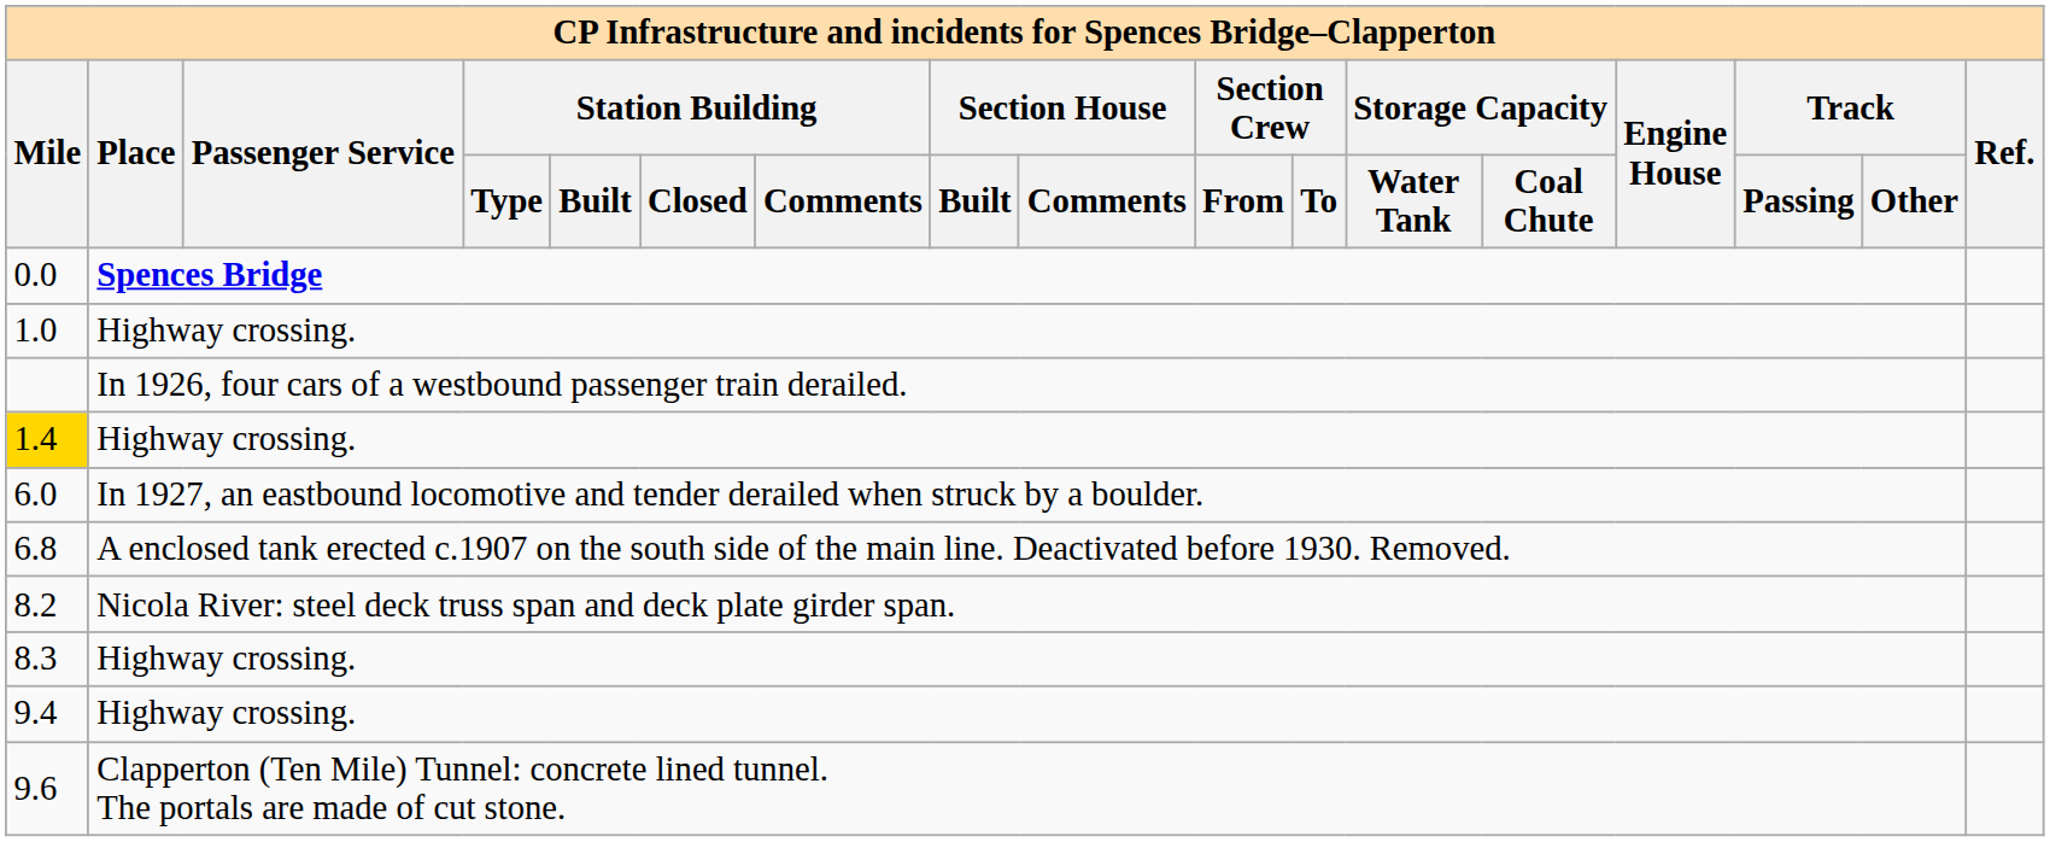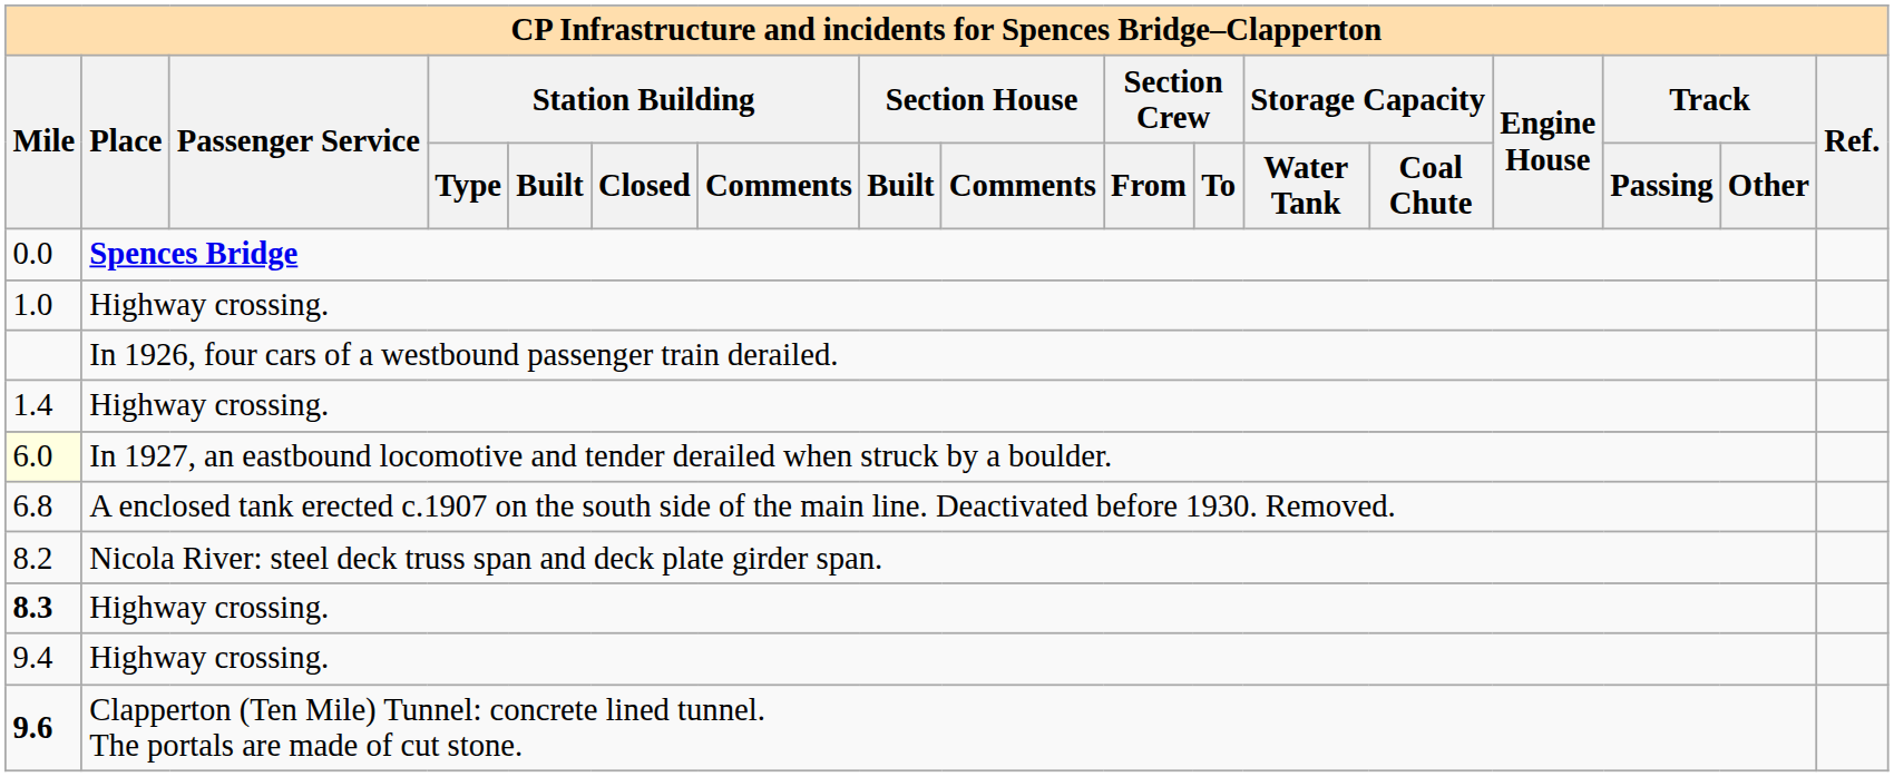 <table class="wikitable">
 <tr>
 <th colspan="17" style="background:#ffdead;">CP Infrastructure and incidents for Spences Bridge–Clapperton</th>
 </tr>
 <tr>
 <th rowspan=2>Mile<br></th>
 <th rowspan=2>Place</th>
 <th rowspan=2>Passenger Service</th>
 <th colspan=4>Station Building</th>
 <th colspan=2>Section House</th>
 <th colspan=2>Section<br>Crew</th>
 <th colspan=2>Storage Capacity</th>
 <th rowspan=2>Engine<br>House</th>
 <th colspan=2>Track</th>
 <th rowspan=2>Ref.</th>
 </tr>
 <tr>
 <th>Type</th>
 <th>Built</th>
 <th>Closed</th>
 <th>Comments</th>
 <th>Built</th>
 <th>Comments</th>
 <th>From</th>
 <th>To</th>
 <th>Water<br>Tank</th>
 <th>Coal<br>Chute</th>
 <th>Passing</th>
 <th>Other</th>
 </tr>
 <tr>
 <td>0.0</td>
 <td colspan=15><strong><a href='#'>Spences Bridge</a></strong></td>
 <td></td>
 </tr>
 <tr>
 <td>1.0</td>
 <td colspan=15>Highway crossing.</td>
 <td></td>
 </tr>
 <tr>
 <td></td>
 <td colspan=15>In 1926, four cars of a westbound passenger train derailed.</td>
 <td></td>
 </tr>
 <tr>
-<td style="background: gold;">1.4</td>
+<td>1.4</td>
 <td colspan=15>Highway crossing.</td>
 <td></td>
 </tr>
 <tr>
-<td>6.0</td>
+<td style="background: lightyellow;">6.0</td>
 <td colspan=15>In 1927, an eastbound locomotive and tender derailed when struck by a  boulder.</td>
 <td></td>
 </tr>
 <tr>
 <td>6.8</td>
 <td colspan=15>A  enclosed tank erected c.1907 on the south side of the main line. Deactivated before 1930. Removed.</td>
 <td></td>
 </tr>
 <tr>
 <td>8.2</td>
 <td colspan=15>Nicola River:  steel deck truss span and  deck plate girder span.</td>
 <td></td>
 </tr>
 <tr>
-<td>8.3</td>
+<td><strong>8.3</strong></td>
 <td colspan=15>Highway crossing.</td>
 <td></td>
 </tr>
 <tr>
 <td>9.4</td>
 <td colspan=15>Highway crossing.</td>
 <td></td>
 </tr>
 <tr>
-<td>9.6</td>
+<td><strong>9.6</strong></td>
 <td colspan=15>Clapperton (Ten Mile) Tunnel:  concrete lined tunnel. <br>The portals are made of cut stone.</td>
 <td><br></td>
 </tr>
 </table>
